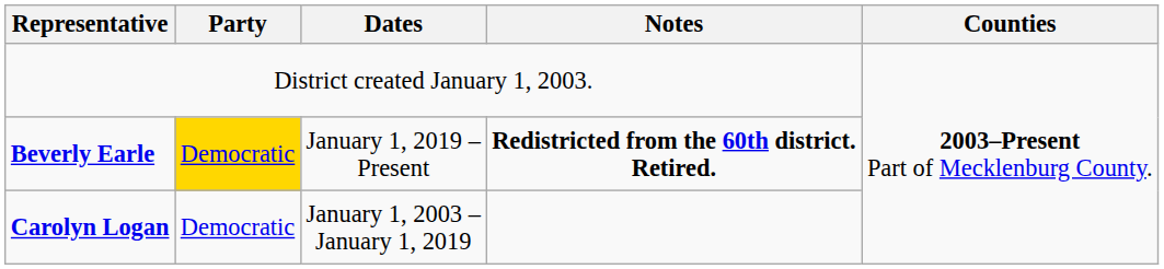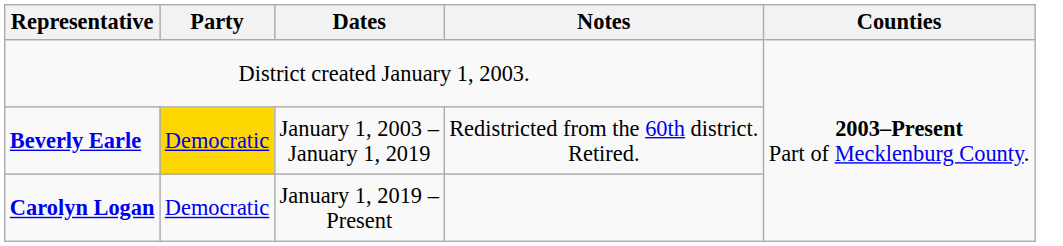 <table class=wikitable style="text-align:center">
 <tr>
 <th>Representative</th>
 <th>Party</th>
 <th>Dates</th>
 <th>Notes</th>
 <th>Counties</th>
 </tr>
 <tr style="height:3em">
 <td colspan=4>District created January 1, 2003.</td>
 <td rowspan=3><strong>2003–Present</strong> <br> Part of <a href='#'>Mecklenburg County</a>.</td>
 </tr>
 <tr style="height:3em">
 <td align=left><strong><a href='#'>Beverly Earle</a></strong></td>
 <td style="background: gold;"><a href='#'>Democratic</a></td>
-<td nowrap>January 1, 2019 – <br> Present</td>
-<td><strong>Redistricted from the <a href='#'>60th</a> district. <br> Retired.</strong></td>
+<td nowrap>January 1, 2003 – <br> January 1, 2019</td>
+<td>Redistricted from the <a href='#'>60th</a> district. <br> Retired.</td>
 </tr>
 <tr style="height:3em">
 <td align=left><strong><a href='#'>Carolyn Logan</a></strong></td>
 <td><a href='#'>Democratic</a></td>
-<td nowrap>January 1, 2003 – <br> January 1, 2019</td>
+<td nowrap>January 1, 2019 – <br> Present</td>
 <td></td>
 </tr>
 </table>
